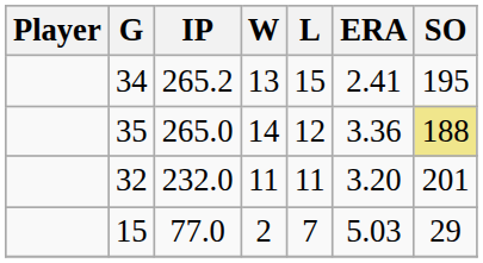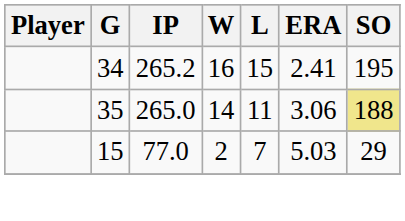 <table class="wikitable sortable">
 <tr>
 <th>Player</th>
 <th>G</th>
 <th>IP</th>
 <th>W</th>
 <th>L</th>
 <th>ERA</th>
 <th>SO</th>
 </tr>
 <tr align="center">
 <td></td>
 <td>34</td>
 <td>265.2</td>
-<td>13</td>
+<td>16</td>
 <td>15</td>
 <td>2.41</td>
 <td>195</td>
 </tr>
 <tr align=center>
 <td></td>
 <td>35</td>
 <td>265.0</td>
 <td>14</td>
-<td>12</td>
-<td>3.36</td>
+<td>11</td>
+<td>3.06</td>
 <td style="background: khaki;">188</td>
-</tr>
-<tr align=center>
-<td></td>
-<td>32</td>
-<td>232.0</td>
-<td>11</td>
-<td>11</td>
-<td>3.20</td>
-<td>201</td>
 </tr>
 <tr align="center">
 <td></td>
 <td>15</td>
 <td>77.0</td>
 <td>2</td>
 <td>7</td>
 <td>5.03</td>
 <td>29</td>
 </tr>
 <tr align="center">
 </tr>
 </table>
